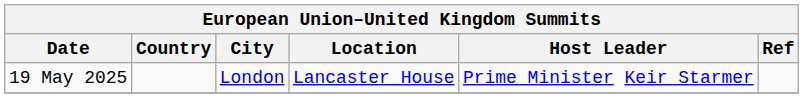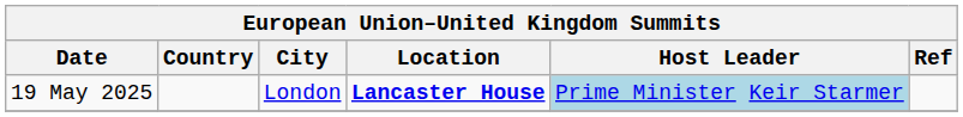 <table class="wikitable">
 <tr>
 <th colspan="6">European Union–United Kingdom Summits</th>
 </tr>
 <tr>
 <th>Date</th>
 <th>Country</th>
 <th>City</th>
 <th>Location</th>
 <th>Host Leader</th>
 <th>Ref</th>
 </tr>
 <tr>
 <td>19 May 2025</td>
 <td></td>
 <td><a href='#'>London</a></td>
-<td><a href='#'>Lancaster House</a></td>
-<td><a href='#'>Prime Minister</a> <a href='#'>Keir Starmer</a></td>
+<td><strong><a href='#'>Lancaster House</a></strong></td>
+<td style="background: lightblue;"><a href='#'>Prime Minister</a> <a href='#'>Keir Starmer</a></td>
 <td></td>
 </tr>
 <tr>
 </tr>
 </table>
